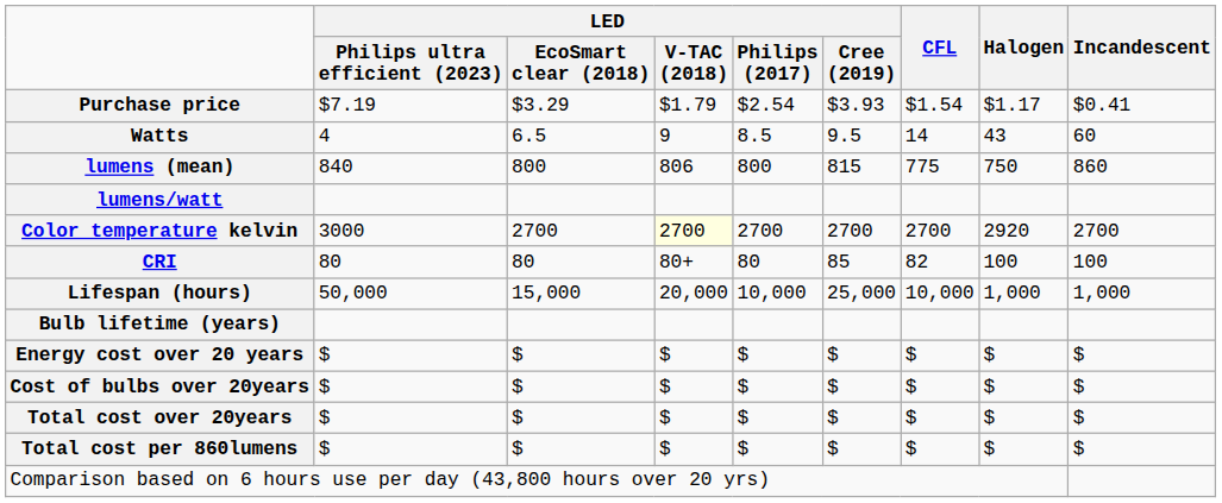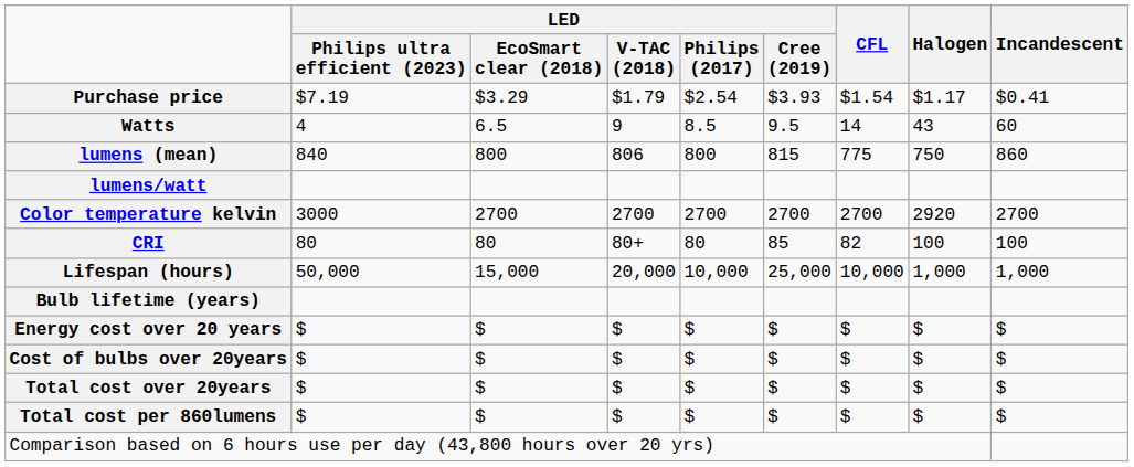 <table class=wikitable>
 <tr>
 <td rowspan=2></td>
 <th colspan=5>LED</th>
 <th rowspan=2><a href='#'>CFL</a></th>
 <th rowspan=2>Halogen</th>
 <th rowspan=2>Incandescent</th>
 </tr>
 <tr>
 <th>Philips ultra<br>efficient (2023)</th>
 <th>EcoSmart<br>clear (2018)</th>
 <th>V-TAC<br>(2018)</th>
 <th>Philips<br>(2017)</th>
 <th>Cree<br>(2019)</th>
 </tr>
 <tr>
 <th>Purchase price</th>
 <td>$7.19 </td>
 <td>$3.29</td>
 <td>$1.79</td>
 <td>$2.54</td>
 <td>$3.93</td>
 <td>$1.54</td>
 <td>$1.17</td>
 <td>$0.41</td>
 </tr>
 <tr>
 <th>Watts</th>
 <td>4</td>
 <td>6.5</td>
 <td>9</td>
 <td>8.5</td>
 <td>9.5</td>
 <td>14</td>
 <td>43</td>
 <td>60</td>
 </tr>
 <tr>
 <th><a href='#'>lumens</a> (mean)</th>
 <td>840</td>
 <td>800</td>
 <td>806</td>
 <td>800</td>
 <td>815</td>
 <td>775</td>
 <td>750</td>
 <td>860</td>
 </tr>
 <tr>
 <th><a href='#'>lumens/watt</a></th>
 <td></td>
 <td></td>
 <td></td>
 <td></td>
 <td></td>
 <td></td>
 <td></td>
 <td></td>
 </tr>
 <tr>
 <th><a href='#'>Color temperature</a> kelvin</th>
 <td>3000</td>
 <td>2700</td>
-<td style="background: lightyellow;">2700</td>
+<td>2700</td>
 <td>2700</td>
 <td>2700</td>
 <td>2700</td>
 <td>2920</td>
 <td>2700</td>
 </tr>
 <tr>
 <th><a href='#'>CRI</a></th>
 <td>80</td>
 <td>80</td>
 <td>80+</td>
 <td>80</td>
 <td>85</td>
 <td>82</td>
 <td>100</td>
 <td>100</td>
 </tr>
 <tr>
 <th>Lifespan (hours)</th>
 <td>50,000</td>
 <td>15,000</td>
 <td>20,000</td>
 <td>10,000</td>
 <td>25,000</td>
 <td>10,000</td>
 <td>1,000</td>
 <td>1,000</td>
 </tr>
 <tr>
 <th>Bulb lifetime (years) </th>
 <td></td>
 <td></td>
 <td></td>
 <td></td>
 <td></td>
 <td></td>
 <td></td>
 <td></td>
 </tr>
 <tr>
 <th>Energy cost over 20 years </th>
 <td>$</td>
 <td>$</td>
 <td>$</td>
 <td>$</td>
 <td>$</td>
 <td>$</td>
 <td>$</td>
 <td>$</td>
 </tr>
 <tr>
 <th>Cost of bulbs over 20years</th>
 <td>$</td>
 <td>$</td>
 <td>$</td>
 <td>$</td>
 <td>$</td>
 <td>$</td>
 <td>$</td>
 <td>$</td>
 </tr>
 <tr>
 <th>Total cost over 20years </th>
 <td>$</td>
 <td>$</td>
 <td>$</td>
 <td>$</td>
 <td>$</td>
 <td>$</td>
 <td>$</td>
 <td>$</td>
 </tr>
 <tr>
 <th>Total cost per 860lumens </th>
 <td>$</td>
 <td>$</td>
 <td>$</td>
 <td>$</td>
 <td>$</td>
 <td>$</td>
 <td>$</td>
 <td>$</td>
 </tr>
 <tr>
 <td colspan="8">Comparison based on 6 hours use per day (43,800 hours over 20 yrs)</td>
 </tr>
 </table>
